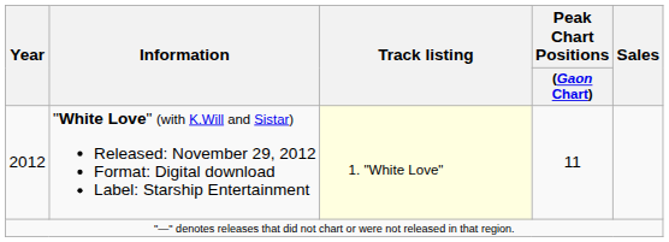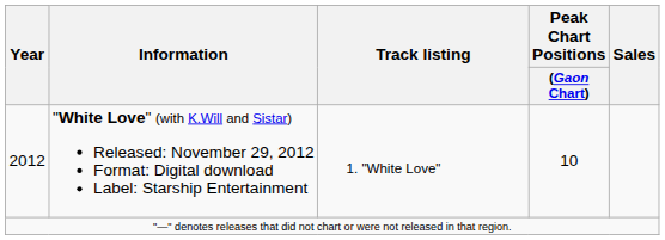 <table class="wikitable" ;>
 <tr>
 <th scope="col" rowspan="2">Year</th>
 <th scope="col" rowspan="2">Information</th>
 <th !scope="col" rowspan="2" align="left" width="200px">Track listing</th>
 <th scope="col" colspan="1">Peak Chart<br>Positions</th>
 <th scope="col" rowspan="2">Sales</th>
 </tr>
 <tr>
 <th scope="col" style="width:4em;font-size:85%;">(<em><a href='#'>Gaon</a></em> <a href='#'>Chart</a>)</th>
 </tr>
 <tr>
 <td>2012</td>
 <td>"<strong>White Love</strong>" <small>(with <a href='#'>K.Will</a> and <a href='#'>Sistar</a>)</small><br><ul><li>Released: November 29, 2012</li><li>Format: Digital download</li><li>Label: Starship Entertainment</li></ul></td>
-<td style="background: lightyellow; font-size: 85%;"><br><ol><li>"White Love"</li></ol></td>
-<td align="center">11</td>
+<td style="font-size: 85%;"><br><ol><li>"White Love"</li></ol></td>
+<td align="center">10</td>
 <td></td>
 </tr>
 <tr>
 <td colspan="14" style="text-align:center; font-size:8pt;">"—" denotes releases that did not chart or were not released in that region.</td>
 </tr>
 </table>
